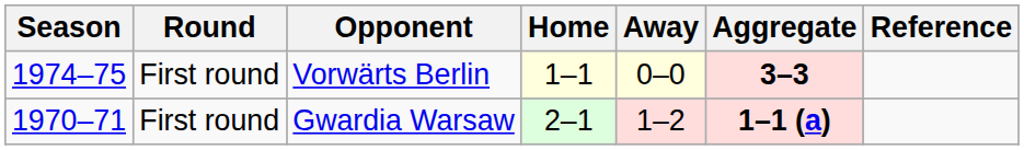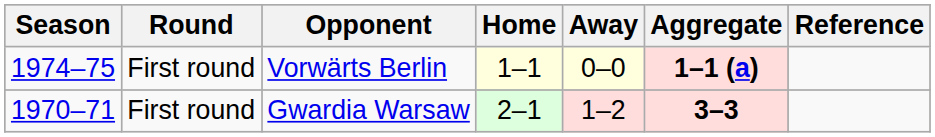 <table class="wikitable">
 <tr>
 <th>Season</th>
 <th>Round</th>
 <th>Opponent</th>
 <th>Home</th>
 <th>Away</th>
 <th>Aggregate</th>
 <th>Reference</th>
 </tr>
 <tr>
 <td><a href='#'>1974–75</a></td>
 <td>First round</td>
 <td> <a href='#'>Vorwärts Berlin</a></td>
 <td style="text-align:center; background:#ffd;">1–1</td>
 <td style="text-align:center; background:#ffd;">0–0</td>
-<td style="text-align:center; background:#fdd;"><strong>3–3 </strong></td>
+<td style="text-align:center; background:#fdd;"><strong>1–1 (<a href='#'>a</a>)</strong></td>
 <td style="text-align:center;"></td>
 </tr>
 <tr>
 <td><a href='#'>1970–71</a></td>
 <td>First round</td>
 <td> <a href='#'>Gwardia Warsaw</a></td>
 <td style="text-align:center; background:#dfd;">2–1 </td>
 <td style="text-align:center; background:#fdd;">1–2</td>
-<td style="text-align:center; background:#fdd;"><strong>1–1 (<a href='#'>a</a>)</strong></td>
+<td style="text-align:center; background:#fdd;"><strong>3–3 </strong></td>
 <td style="text-align:center;"></td>
 </tr>
 </table>
